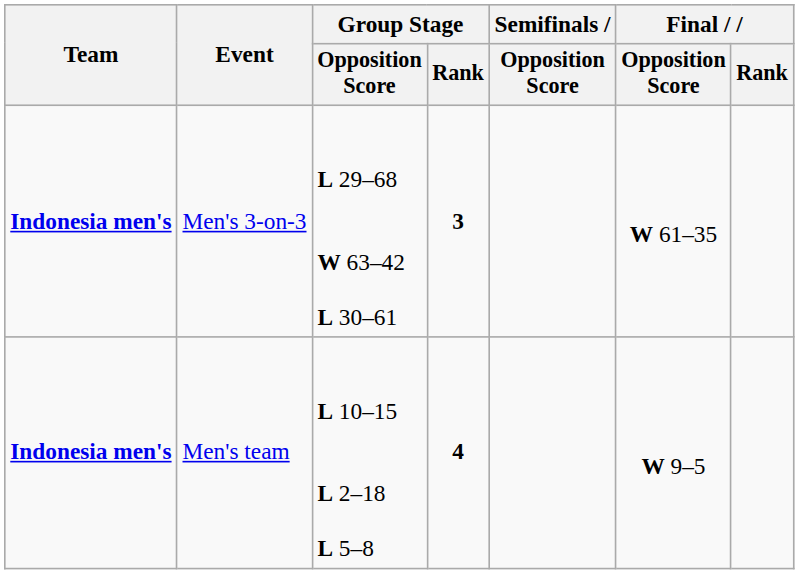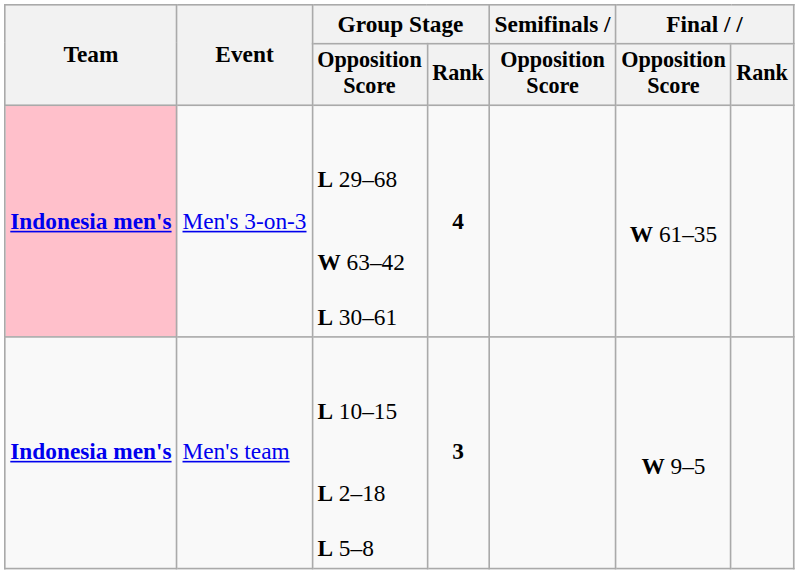 <table class="wikitable" style="font-size:90%">
 <tr>
 <th rowspan=2>Team</th>
 <th rowspan=2>Event</th>
 <th colspan=2>Group Stage</th>
 <th>Semifinals / </th>
 <th colspan=2>Final /  / </th>
 </tr>
 <tr style="font-size:95%">
 <th>Opposition<br>Score</th>
 <th>Rank</th>
 <th>Opposition<br>Score</th>
 <th>Opposition<br>Score</th>
 <th>Rank</th>
 </tr>
 <tr align=center>
-<td align=left><strong><a href='#'>Indonesia men's</a></strong></td>
+<td align=left style="background: pink;"><strong><a href='#'>Indonesia men's</a></strong></td>
 <td align=left><a href='#'>Men's 3-on-3</a></td>
 <td align=left><br><br><strong>L</strong> 29–68 <br><br><br><strong>W</strong> 63–42 <br> <br><strong>L</strong> 30–61</td>
-<td><strong>3</strong></td>
+<td><strong>4</strong></td>
 <td></td>
 <td><br><strong>W</strong> 61–35</td>
 <td></td>
 </tr>
 <tr align=center>
 <td align=left><strong><a href='#'>Indonesia men's</a></strong></td>
 <td align=left><a href='#'>Men's team</a></td>
 <td align=left><br><br><strong>L</strong> 10–15 <br><br> <br><strong>L</strong> 2–18 <br>  <br><strong>L</strong> 5–8 <br></td>
-<td><strong>4</strong></td>
+<td><strong>3</strong></td>
 <td></td>
 <td> <br><strong>W</strong> 9–5 <br></td>
 <td></td>
 </tr>
 </table>
